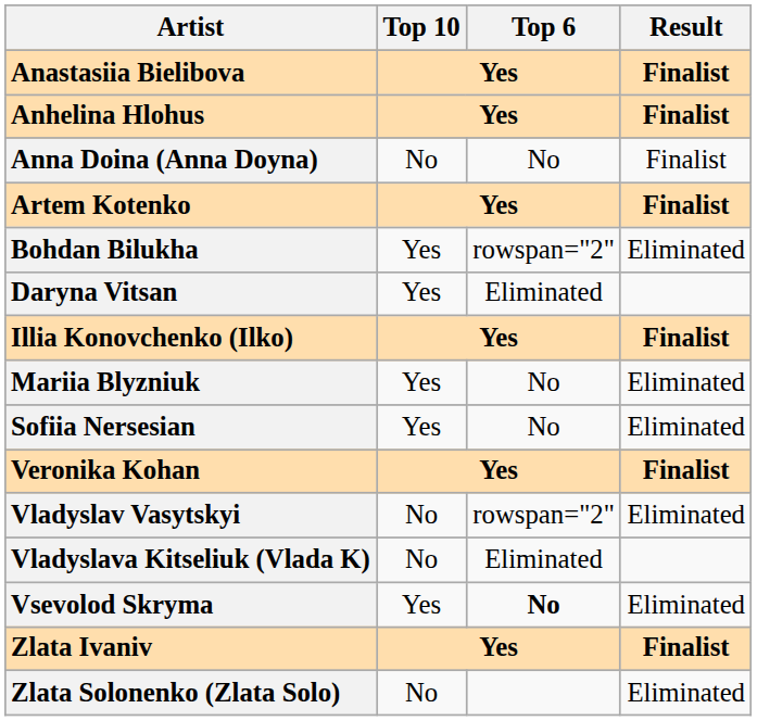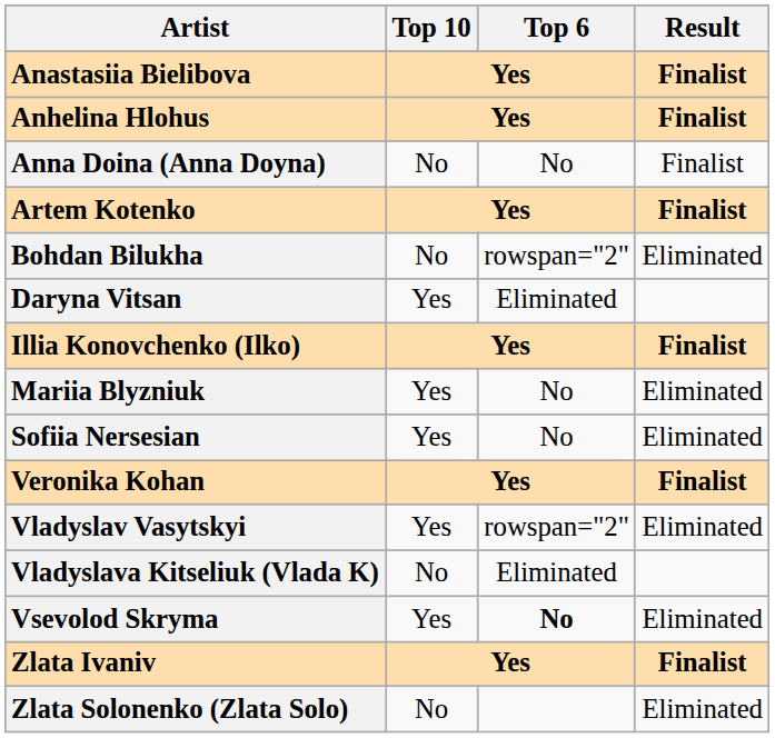 <table class="sortable wikitable plainrowheaders" style="margin: 1em auto 1em auto; font-size:90%; text-align:center;">
 <tr>
 <th>Artist</th>
 <th class="unsortable">Top 10</th>
 <th class="unsortable">Top 6</th>
 <th class="unsortable">Result</th>
 </tr>
 <tr style="font-weight:bold; background:navajowhite;">
 <th scope="row" style="font-weight:bold; background:navajowhite; text-align:left;">Anastasiia Bielibova</th>
 <td colspan="2">Yes</td>
 <td>Finalist</td>
 </tr>
 <tr style="font-weight:bold; background:navajowhite;">
 <th scope="row" style="font-weight:bold; background:navajowhite; text-align:left;">Anhelina Hlohus</th>
 <td colspan="2">Yes</td>
 <td>Finalist</td>
 </tr>
 <tr>
 <th scope="row" style="text-align:left;">Anna Doina (Anna Doyna)</th>
 <td>No</td>
 <td>No</td>
 <td>Finalist</td>
 </tr>
 <tr style="font-weight:bold; background:navajowhite;">
 <th scope="row" style="font-weight:bold; background:navajowhite; text-align:left;">Artem Kotenko</th>
 <td colspan="2">Yes</td>
 <td>Finalist</td>
 </tr>
 <tr>
 <th scope="row" style="text-align:left;">Bohdan Bilukha</th>
-<td>Yes</td>
+<td>No</td>
 <td>rowspan="2" </td>
 <td>Eliminated</td>
 </tr>
 <tr>
 <th scope="row" style="text-align:left;">Daryna Vitsan</th>
 <td>Yes</td>
 <td>Eliminated</td>
 </tr>
 <tr style="font-weight:bold; background:navajowhite;">
 <th scope="row" style="font-weight:bold; background:navajowhite; text-align:left;">Illia Konovchenko (Ilko)</th>
 <td colspan="2">Yes</td>
 <td>Finalist</td>
 </tr>
 <tr>
 <th scope="row" style="text-align:left;">Mariia Blyzniuk</th>
 <td>Yes</td>
 <td>No</td>
 <td>Eliminated</td>
 </tr>
 <tr>
 <th scope="row" style="text-align:left;">Sofiia Nersesian</th>
 <td>Yes</td>
 <td>No</td>
 <td>Eliminated</td>
 </tr>
 <tr style="font-weight:bold; background:navajowhite;">
 <th scope="row" style="font-weight:bold; background:navajowhite; text-align:left;">Veronika Kohan</th>
 <td colspan="2">Yes</td>
 <td>Finalist</td>
 </tr>
 <tr>
 <th scope="row" style="text-align:left;">Vladyslav Vasytskyi</th>
-<td>No</td>
+<td>Yes</td>
 <td>rowspan="2" </td>
 <td>Eliminated</td>
 </tr>
 <tr>
 <th scope="row" style="text-align:left;">Vladyslava Kitseliuk (Vlada K)</th>
 <td>No</td>
 <td>Eliminated</td>
 </tr>
 <tr>
 <th scope="row" style="text-align:left;">Vsevolod Skryma</th>
 <td>Yes</td>
 <td><strong>No</strong></td>
 <td>Eliminated</td>
 </tr>
 <tr style="font-weight:bold; background:navajowhite;">
 <th scope="row" style="font-weight:bold; background:navajowhite; text-align:left;">Zlata Ivaniv</th>
 <td colspan="2">Yes</td>
 <td>Finalist</td>
 </tr>
 <tr>
 <th scope="row" style="text-align:left;">Zlata Solonenko (Zlata Solo)</th>
 <td>No</td>
 <td></td>
 <td>Eliminated</td>
 </tr>
 </table>
